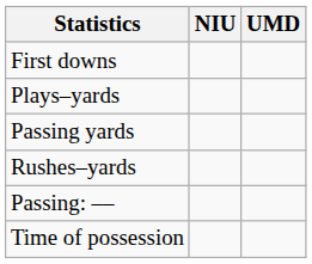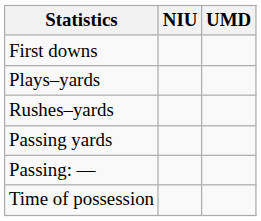 <table class="wikitable" style="float:left">
 <tr>
 <th>Statistics</th>
 <th>NIU</th>
 <th>UMD</th>
 </tr>
 <tr>
 <td>First downs</td>
 <td></td>
 <td></td>
 </tr>
 <tr>
 <td>Plays–yards</td>
 <td></td>
 <td></td>
 </tr>
 <tr>
-<td>Passing yards</td>
+<td>Rushes–yards</td>
 <td></td>
 <td></td>
 </tr>
 <tr>
-<td>Rushes–yards</td>
+<td>Passing yards</td>
 <td></td>
 <td></td>
 </tr>
 <tr>
 <td>Passing: ––</td>
 <td></td>
 <td></td>
 </tr>
 <tr>
 <td>Time of possession</td>
 <td></td>
 <td></td>
 </tr>
 </table>
